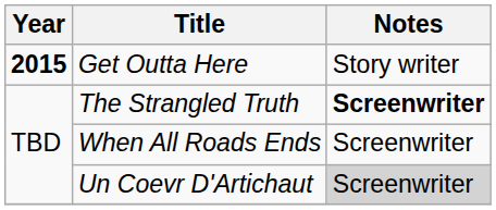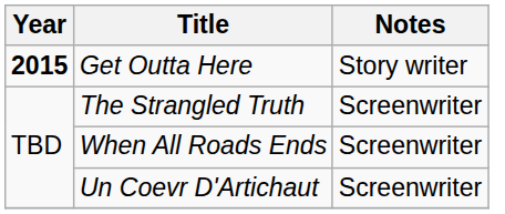 <table class="wikitable sortable">
 <tr>
 <th>Year</th>
 <th>Title</th>
 <th class="unsortable">Notes</th>
 </tr>
 <tr>
 <td><strong>2015</strong></td>
 <td><em>Get Outta Here</em></td>
 <td>Story writer</td>
 </tr>
 <tr>
 <td rowspan=3>TBD</td>
 <td><em>The Strangled Truth</em></td>
-<td><strong>Screenwriter</strong></td>
+<td>Screenwriter</td>
 </tr>
 <tr>
 <td><em>When All Roads Ends</em></td>
 <td>Screenwriter</td>
 </tr>
 <tr>
 <td><em>Un Coevr D'Artichaut</em></td>
-<td style="background: lightgrey;">Screenwriter</td>
+<td>Screenwriter</td>
 </tr>
 <tr>
 </tr>
 </table>
